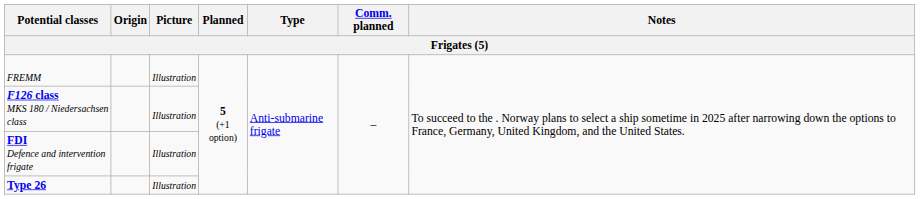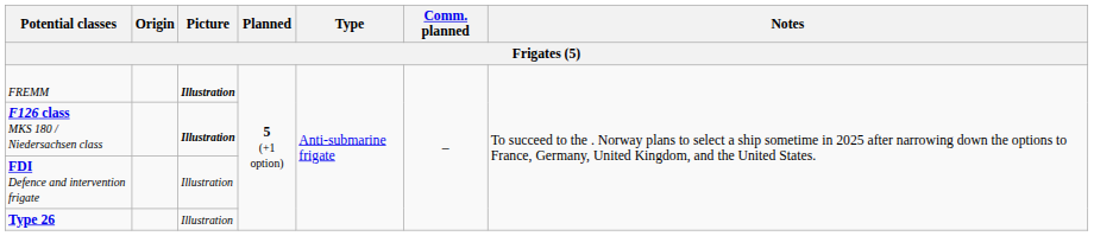 <table class="wikitable">
 <tr>
 <th>Potential classes</th>
 <th>Origin</th>
 <th>Picture</th>
 <th>Planned</th>
 <th>Type</th>
 <th><a href='#'>Comm.</a> planned</th>
 <th>Notes</th>
 </tr>
 <tr>
 <th colspan="7">Frigates (5)</th>
 </tr>
 <tr>
 <td><strong></strong><br><small><em>FREMM</em></small></td>
 <td><br></td>
-<td><br><small><em>Illustration</em></small></td>
+<td><strong><br><small><em>Illustration</em></small></strong></td>
 <td rowspan="7" style="text-align: center;"><strong>5</strong><br><small>(+1 option)</small></td>
 <td rowspan="7"><a href='#'>Anti-submarine frigate</a></td>
 <td rowspan="7" style="text-align: center;">–</td>
 <td rowspan="7">To succeed to the . Norway plans to select a ship sometime in 2025 after narrowing down the options to France, Germany, United Kingdom, and the United States.</td>
 </tr>
 <tr>
 <td><strong><a href='#'><em>F126</em> class</a></strong><br><small><em>MKS 180 / Niedersachsen class</em></small></td>
 <td><br></td>
-<td><br><small><em>Illustration</em></small></td>
+<td><strong><br><small><em>Illustration</em></small></strong></td>
 </tr>
 <tr>
 <td><a href='#'><strong>FDI</strong></a><br><em><small>Defence and intervention frigate</small></em></td>
 <td></td>
 <td><small><em>Illustration</em></small></td>
 </tr>
 <tr>
 <td><a href='#'><strong>Type 26</strong></a></td>
 <td></td>
 <td><small><em>Illustration</em></small></td>
 </tr>
 </table>
